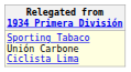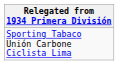 <table class="wikitable">
 <tr>
 <th>Relegated from<br><a href='#'>1934 Primera División</a></th>
 </tr>
 <tr>
-<td style="background: lightyellow;"> <a href='#'>Sporting Tabaco</a> <br> Unión Carbone <br> <a href='#'>Ciclista Lima</a> </td>
+<td> <a href='#'>Sporting Tabaco</a> <br> Unión Carbone <br> <a href='#'>Ciclista Lima</a> </td>
 </tr>
 </table>
